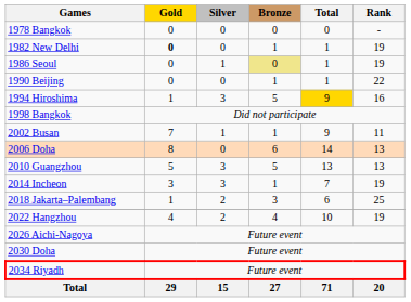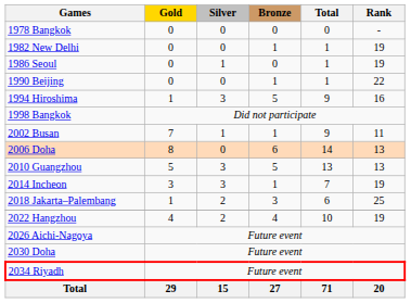 <table class="wikitable sortable" style="text-align:center;">
 <tr>
 <th width=200>Games</th>
 <td bgcolor=gold width=70><strong>Gold</strong></td>
 <td bgcolor=silver width=70><strong>Silver</strong></td>
 <td bgcolor=#cc9966 width=70><strong>Bronze</strong></td>
 <th width=70>Total</th>
 <th width=70>Rank</th>
 </tr>
 <tr class="sortbottom">
 <td align=left> <a href='#'>1978 Bangkok</a></td>
 <td>0</td>
 <td>0</td>
 <td>0</td>
 <td>0</td>
 <td>-</td>
 </tr>
 <tr>
 <td align=left> <a href='#'>1982 New Delhi</a></td>
-<td><strong>0</strong></td>
+<td>0</td>
 <td>0</td>
 <td>1</td>
 <td>1</td>
 <td>19</td>
 </tr>
 <tr>
 <td align=left> <a href='#'>1986 Seoul</a></td>
 <td>0</td>
 <td>1</td>
-<td style="background: khaki;">0</td>
+<td>0</td>
 <td>1</td>
 <td>19</td>
 </tr>
 <tr>
 <td align=left> <a href='#'>1990 Beijing</a></td>
 <td>0</td>
 <td>0</td>
 <td>1</td>
 <td>1</td>
 <td>22</td>
 </tr>
 <tr>
 <td align=left> <a href='#'>1994 Hiroshima</a></td>
 <td>1</td>
 <td>3</td>
 <td>5</td>
-<td style="background: gold;">9</td>
+<td>9</td>
 <td>16</td>
 </tr>
 <tr>
 <td align=left> <a href='#'>1998 Bangkok</a></td>
 <td colspan=5><em>Did not participate</em></td>
 </tr>
 <tr>
 <td align=left> <a href='#'>2002 Busan</a></td>
 <td>7</td>
 <td>1</td>
 <td>1</td>
 <td>9</td>
 <td>11</td>
 </tr>
 <tr bgcolor=ffdab9>
 <td align=left> <a href='#'>2006 Doha</a></td>
 <td>8</td>
 <td>0</td>
 <td>6</td>
 <td>14</td>
 <td>13</td>
 </tr>
 <tr>
 <td align=left> <a href='#'>2010 Guangzhou</a></td>
 <td>5</td>
 <td>3</td>
 <td>5</td>
 <td>13</td>
 <td>13</td>
 </tr>
 <tr>
 <td align=left> <a href='#'>2014 Incheon</a></td>
 <td>3</td>
 <td>3</td>
 <td>1</td>
 <td>7</td>
 <td>19</td>
 </tr>
 <tr>
 <td align=left> <a href='#'>2018 Jakarta–Palembang</a></td>
 <td>1</td>
 <td>2</td>
 <td>3</td>
 <td>6</td>
 <td>25</td>
 </tr>
 <tr class="sortbottom">
 </tr>
 <tr>
 <td align=left> <a href='#'>2022 Hangzhou</a></td>
 <td>4</td>
 <td>2</td>
 <td>4</td>
 <td>10</td>
 <td>19</td>
 </tr>
 <tr>
 <td align=left> <a href='#'>2026 Aichi-Nagoya</a></td>
 <td colspan=5><em>Future event</em></td>
 </tr>
 <tr>
 <td align=left> <a href='#'>2030 Doha</a></td>
 <td colspan=5><em>Future event</em></td>
 </tr>
 <tr style="border: 3px solid red">
 <td align=left> <a href='#'>2034 Riyadh</a></td>
 <td colspan=5><em>Future event</em></td>
 </tr>
 <tr>
 <th>Total</th>
 <th>29</th>
 <th>15</th>
 <th>27</th>
 <th>71</th>
 <th>20</th>
 </tr>
 </table>
